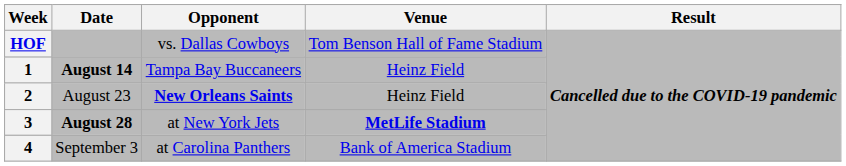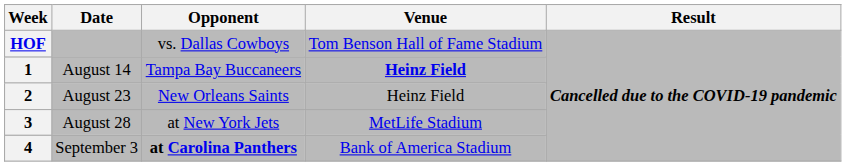 <table class="wikitable" style="text-align:center">
 <tr>
 <th>Week</th>
 <th>Date</th>
 <th>Opponent</th>
 <th>Venue</th>
 <th>Result</th>
 </tr>
 <tr style="background:#bababa">
 <th><a href='#'>HOF</a></th>
 <td></td>
 <td>vs. <a href='#'>Dallas Cowboys</a></td>
 <td><a href='#'>Tom Benson Hall of Fame Stadium</a></td>
 <td rowspan=5><strong><em>Cancelled due to the COVID-19 pandemic</em></strong></td>
 </tr>
 <tr style="background:#bababa">
 <th>1</th>
-<td><strong>August 14</strong></td>
+<td>August 14</td>
 <td><a href='#'>Tampa Bay Buccaneers</a></td>
-<td><a href='#'>Heinz Field</a></td>
+<td><strong><a href='#'>Heinz Field</a></strong></td>
 </tr>
 <tr style="background:#bababa">
 <th>2</th>
 <td>August 23</td>
-<td><strong><a href='#'>New Orleans Saints</a></strong></td>
+<td><a href='#'>New Orleans Saints</a></td>
 <td>Heinz Field</td>
 </tr>
 <tr style="background:#bababa">
 <th>3</th>
-<td><strong>August 28</strong></td>
+<td>August 28</td>
 <td>at <a href='#'>New York Jets</a></td>
-<td><strong><a href='#'>MetLife Stadium</a></strong></td>
+<td><a href='#'>MetLife Stadium</a></td>
 </tr>
 <tr style="background:#bababa">
 <th>4</th>
 <td>September 3</td>
-<td>at <a href='#'>Carolina Panthers</a></td>
+<td><strong>at <a href='#'>Carolina Panthers</a></strong></td>
 <td><a href='#'>Bank of America Stadium</a></td>
 </tr>
 </table>
